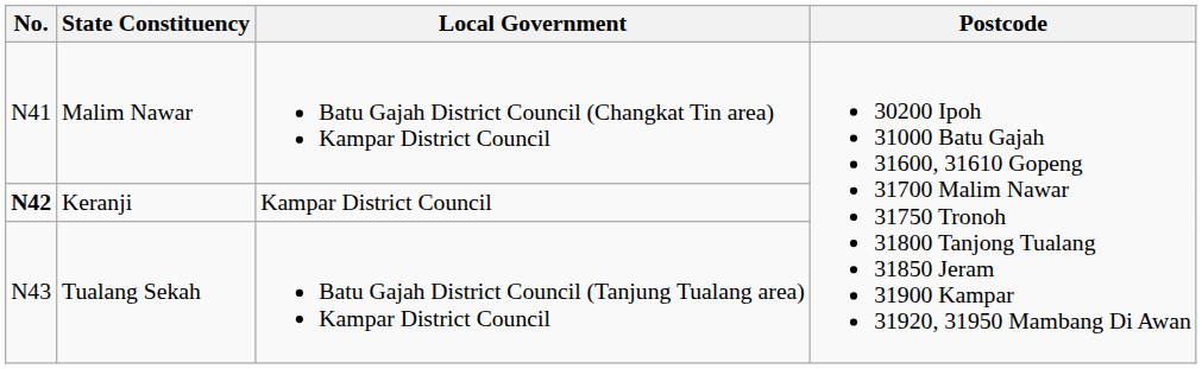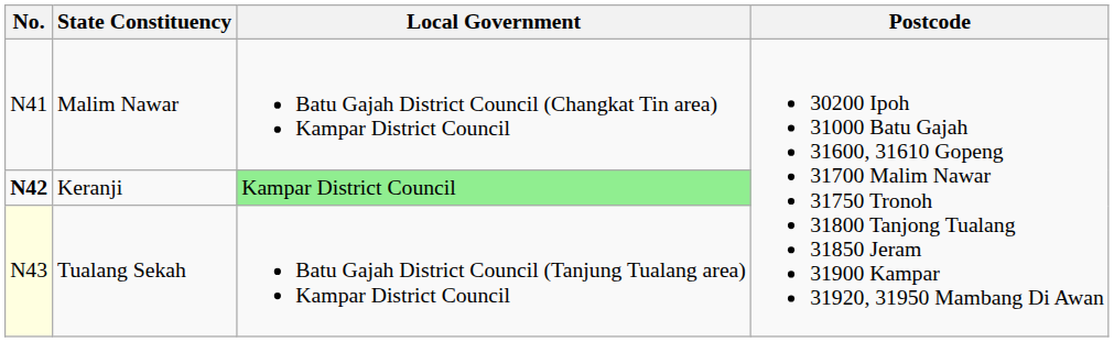 <table class="wikitable">
 <tr>
 <th>No.</th>
 <th>State Constituency</th>
 <th>Local Government</th>
 <th>Postcode</th>
 </tr>
 <tr>
 <td>N41</td>
 <td>Malim Nawar</td>
 <td><br><ul><li>Batu Gajah District Council (Changkat Tin area)</li><li>Kampar District Council</li></ul></td>
 <td rowspan="3"><br><ul><li>30200 Ipoh</li><li>31000 Batu Gajah</li><li>31600, 31610 Gopeng</li><li>31700 Malim Nawar</li><li>31750 Tronoh</li><li>31800 Tanjong Tualang</li><li>31850 Jeram</li><li>31900 Kampar</li><li>31920, 31950 Mambang Di Awan</li></ul></td>
 </tr>
 <tr>
 <td><strong>N42</strong></td>
 <td>Keranji</td>
-<td>Kampar District Council</td>
+<td style="background: lightgreen;">Kampar District Council</td>
 </tr>
 <tr>
-<td>N43</td>
+<td style="background: lightyellow;">N43</td>
 <td>Tualang Sekah</td>
 <td><br><ul><li>Batu Gajah District Council (Tanjung Tualang area)</li><li>Kampar District Council</li></ul></td>
 </tr>
 </table>
